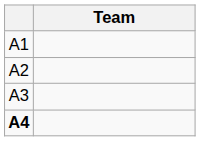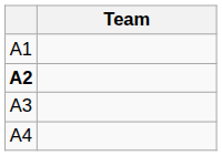 <table class="wikitable" style="display:inline-table;">
 <tr>
 <th></th>
 <th width=150>Team</th>
 </tr>
 <tr>
 <td align=center>A1</td>
 <td></td>
 </tr>
 <tr>
-<td align=center>A2</td>
+<td align=center><strong>A2</strong></td>
 <td></td>
 </tr>
 <tr>
 <td align=center>A3</td>
 <td></td>
 </tr>
 <tr>
-<td align=center><strong>A4</strong></td>
+<td align=center>A4</td>
 <td></td>
 </tr>
 </table>
